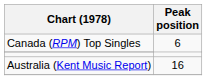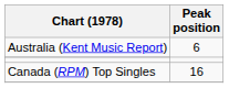 <table class="wikitable sortable plainrowheaders">
 <tr>
 <th>Chart (1978)</th>
 <th>Peak<br>position</th>
 </tr>
 <tr>
-<td>Canada (<em><a href='#'>RPM</a></em>) Top Singles</td>
+<td align="left">Australia (<a href='#'>Kent Music Report</a>)</td>
 <td style="text-align:center;">6</td>
 </tr>
 <tr>
 </tr>
 <tr>
 <td></td>
 </tr>
 <tr>
-<td align="left">Australia (<a href='#'>Kent Music Report</a>)</td>
+<td>Canada (<em><a href='#'>RPM</a></em>) Top Singles</td>
 <td style="text-align:center;">16</td>
 </tr>
 <tr>
 </tr>
 <tr>
 </tr>
 <tr>
 </tr>
 <tr>
 </tr>
 <tr>
 </tr>
 <tr>
 </tr>
 <tr>
 </tr>
 <tr>
 </tr>
 <tr>
 </tr>
 <tr>
 </tr>
 </table>
